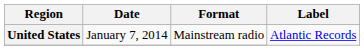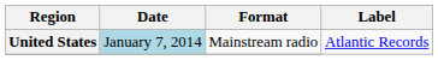 <table class="wikitable plainrowheaders">
 <tr>
 <th>Region</th>
 <th>Date</th>
 <th>Format</th>
 <th>Label</th>
 </tr>
 <tr>
 <th scope="row">United States</th>
-<td>January 7, 2014</td>
+<td style="background: lightblue;">January 7, 2014</td>
 <td>Mainstream radio</td>
 <td rowspan="2"><a href='#'>Atlantic Records</a></td>
 </tr>
 <tr>
 </tr>
 </table>
